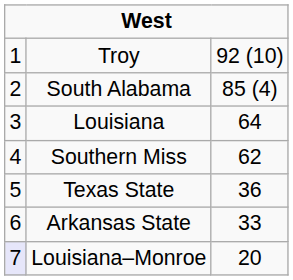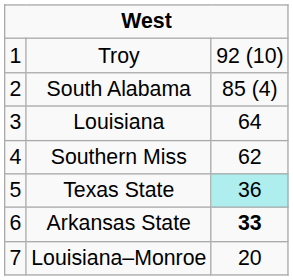 <table class="wikitable" style="display: inline-table;">
 <tr align="center">
 <td align="center" Colspan="3"><strong>West</strong><br></td>
 </tr>
 <tr align="center">
 <td>1</td>
 <td>Troy</td>
 <td>92 (10)</td>
 </tr>
 <tr align="center">
 <td>2</td>
 <td>South Alabama</td>
 <td>85 (4)</td>
 </tr>
 <tr align="center">
 <td>3</td>
 <td>Louisiana</td>
 <td>64</td>
 </tr>
 <tr align="center">
 <td>4</td>
 <td>Southern Miss</td>
 <td>62</td>
 </tr>
 <tr align="center">
 <td>5</td>
 <td>Texas State</td>
-<td>36</td>
+<td style="background: paleturquoise;">36</td>
 </tr>
 <tr align="center">
 <td>6</td>
 <td>Arkansas State</td>
-<td>33</td>
+<td><strong>33</strong></td>
 </tr>
 <tr align="center">
-<td style="background: lavender;">7</td>
+<td>7</td>
 <td>Louisiana–Monroe</td>
 <td>20</td>
 </tr>
 </table>
